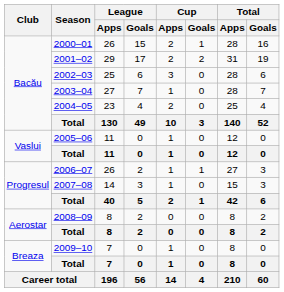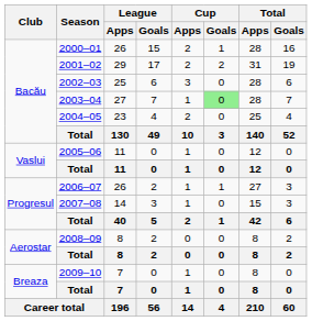 <table class="wikitable" style="text-align: center;">
 <tr>
 <th rowspan="2">Club</th>
 <th rowspan="2">Season</th>
 <th colspan="2">League</th>
 <th colspan="2">Cup</th>
 <th colspan="2">Total</th>
 </tr>
 <tr>
 <th>Apps</th>
 <th>Goals</th>
 <th>Apps</th>
 <th>Goals</th>
 <th>Apps</th>
 <th>Goals</th>
 </tr>
 <tr>
 <td rowspan="6"><a href='#'>Bacău</a></td>
 <td><a href='#'>2000–01</a></td>
 <td>26</td>
 <td>15</td>
 <td>2</td>
 <td>1</td>
 <td>28</td>
 <td>16</td>
 </tr>
 <tr>
 <td><a href='#'>2001–02</a></td>
 <td>29</td>
 <td>17</td>
 <td>2</td>
 <td>2</td>
 <td>31</td>
 <td>19</td>
 </tr>
 <tr>
 <td><a href='#'>2002–03</a></td>
 <td>25</td>
 <td>6</td>
 <td>3</td>
 <td>0</td>
 <td>28</td>
 <td>6</td>
 </tr>
 <tr>
 <td><a href='#'>2003–04</a></td>
 <td>27</td>
 <td>7</td>
 <td>1</td>
-<td>0</td>
+<td style="background: lightgreen;">0</td>
 <td>28</td>
 <td>7</td>
 </tr>
 <tr>
 <td><a href='#'>2004–05</a></td>
 <td>23</td>
 <td>4</td>
 <td>2</td>
 <td>0</td>
 <td>25</td>
 <td>4</td>
 </tr>
 <tr>
 <th>Total</th>
 <th>130</th>
 <th>49</th>
 <th>10</th>
 <th>3</th>
 <th>140</th>
 <th>52</th>
 </tr>
 <tr>
 <td rowspan="2"><a href='#'>Vaslui</a></td>
 <td><a href='#'>2005–06</a></td>
 <td>11</td>
 <td>0</td>
 <td>1</td>
 <td>0</td>
 <td>12</td>
 <td>0</td>
 </tr>
 <tr>
 <th>Total</th>
 <th>11</th>
 <th>0</th>
 <th>1</th>
 <th>0</th>
 <th>12</th>
 <th>0</th>
 </tr>
 <tr>
 <td rowspan="3"><a href='#'>Progresul</a></td>
 <td><a href='#'>2006–07</a></td>
 <td>26</td>
 <td>2</td>
 <td>1</td>
 <td>1</td>
 <td>27</td>
 <td>3</td>
 </tr>
 <tr>
 <td><a href='#'>2007–08</a></td>
 <td>14</td>
 <td>3</td>
 <td>1</td>
 <td>0</td>
 <td>15</td>
 <td>3</td>
 </tr>
 <tr>
 <th>Total</th>
 <th>40</th>
 <th>5</th>
 <th>2</th>
 <th>1</th>
 <th>42</th>
 <th>6</th>
 </tr>
 <tr>
 <td rowspan="2"><a href='#'>Aerostar</a></td>
 <td><a href='#'>2008–09</a></td>
 <td>8</td>
 <td>2</td>
 <td>0</td>
 <td>0</td>
 <td>8</td>
 <td>2</td>
 </tr>
 <tr>
 <th>Total</th>
 <th>8</th>
 <th>2</th>
 <th>0</th>
 <th>0</th>
 <th>8</th>
 <th>2</th>
 </tr>
 <tr>
 <td rowspan="2"><a href='#'>Breaza</a></td>
 <td><a href='#'>2009–10</a></td>
 <td>7</td>
 <td>0</td>
 <td>1</td>
 <td>0</td>
 <td>8</td>
 <td>0</td>
 </tr>
 <tr>
 <th>Total</th>
 <th>7</th>
 <th>0</th>
 <th>1</th>
 <th>0</th>
 <th>8</th>
 <th>0</th>
 </tr>
 <tr>
 <th colspan="2">Career total</th>
 <th>196</th>
 <th>56</th>
 <th>14</th>
 <th>4</th>
 <th>210</th>
 <th>60</th>
 </tr>
 </table>
